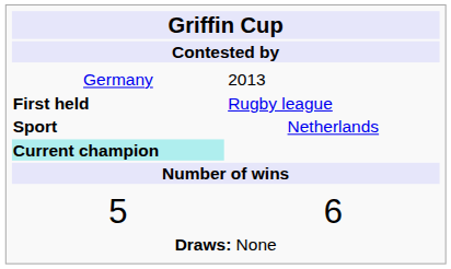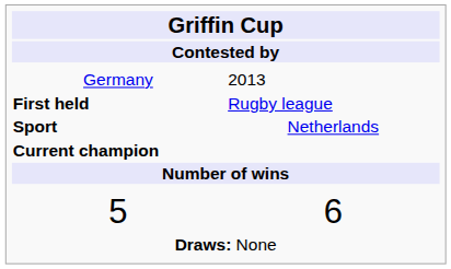 <table class="infobox" style="width: 26em; font-size: 95%;">
 <tr>
 <td colspan="2" style="text-align: center; font-size: 130%; background:lavender;"><strong>Griffin Cup</strong></td>
 </tr>
 <tr>
 <td colspan="2" style="text-align: center; font-size: 100%; background:lavender;"><strong>Contested by</strong></td>
 </tr>
 <tr>
 <td style="width:50%; vertical-align:middle; text-align:center;"></td>
 <td style="width:50%; vertical-align:middle; text-align:center;"></td>
 </tr>
 <tr>
 <td style="text-align:center;"><a href='#'>Germany</a></td>
 <td>2013</td>
 </tr>
 <tr>
 <td><strong>First held</strong></td>
 <td><a href='#'>Rugby league</a></td>
 </tr>
 <tr>
 <td><strong>Sport</strong></td>
 <td style="text-align:center;"><a href='#'>Netherlands</a></td>
 </tr>
 <tr>
-<td style="background: paleturquoise;"><strong>Current champion</strong></td>
+<td><strong>Current champion</strong></td>
 <td></td>
 </tr>
 <tr>
 <td colspan="2" style="text-align: center; font-size: 100%; background:lavender;"><strong>Number of wins</strong></td>
 </tr>
 <tr>
 <td style="text-align:center;"></td>
 <td style="text-align:center;"></td>
 </tr>
 <tr>
 <td style="text-align:center;font-size: 200%;">5</td>
 <td style="text-align:center;font-size: 200%;">6</td>
 </tr>
 <tr>
 <td colspan="2" style="text-align: center;"><strong>Draws:</strong> None</td>
 </tr>
 <tr>
 </tr>
 </table>
